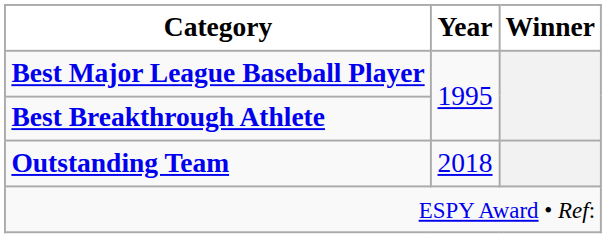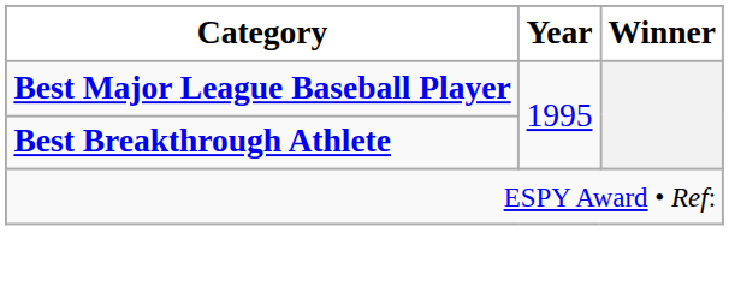 <table class="wikitable sortable plainrowheaders" style="font-size: 90%; style="text-align:center">
 <tr>
 <th scope="col" style="background-color:#ffffff; border-top:#">Category</th>
 <th scope="col" style="background-color:#ffffff; border-top:#">Year</th>
 <th scope="col" style="background-color:#ffffff; border-top:#">Winner</th>
 </tr>
 <tr>
 <td scope="row" style="text-align:left"><strong><a href='#'>Best Major League Baseball Player</a></strong></td>
 <td rowspan="2" style="text-align:center"><a href='#'>1995</a></td>
 <th rowspan="2" scope="row" style="text-align:center"><strong></strong></th>
 </tr>
 <tr>
 <td scope="row" style="text-align:left"><strong><a href='#'>Best Breakthrough Athlete</a></strong></td>
 </tr>
-<tr>
-<td scope="row" style="text-align:left"><strong><a href='#'>Outstanding Team</a></strong></td>
-<td style="text-align:center"><a href='#'>2018</a></td>
-<th scope="row" style="text-align:center"><strong></strong></th>
-</tr>
 <tr class="sortbottom">
 <td style="text-align:right"; colspan="3"><small><a href='#'>ESPY Award</a> • <em>Ref</em>:</small></td>
 </tr>
 </table>
